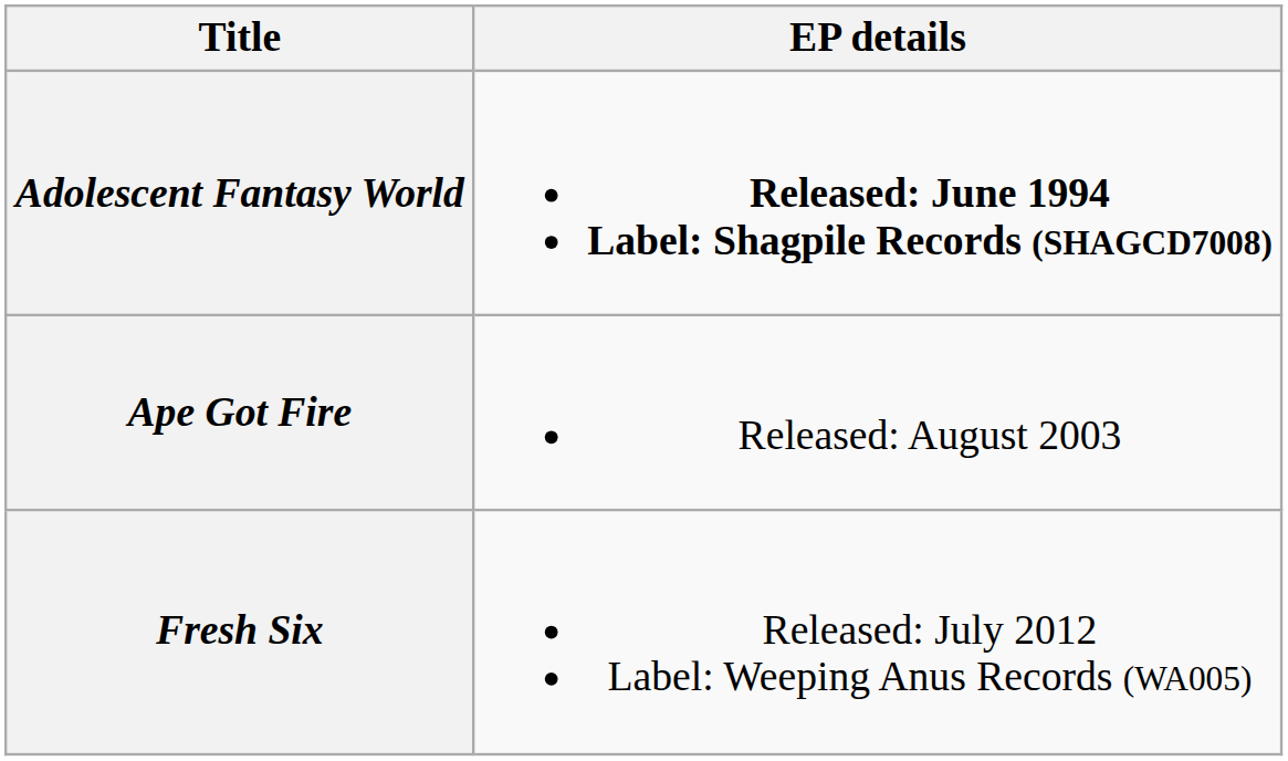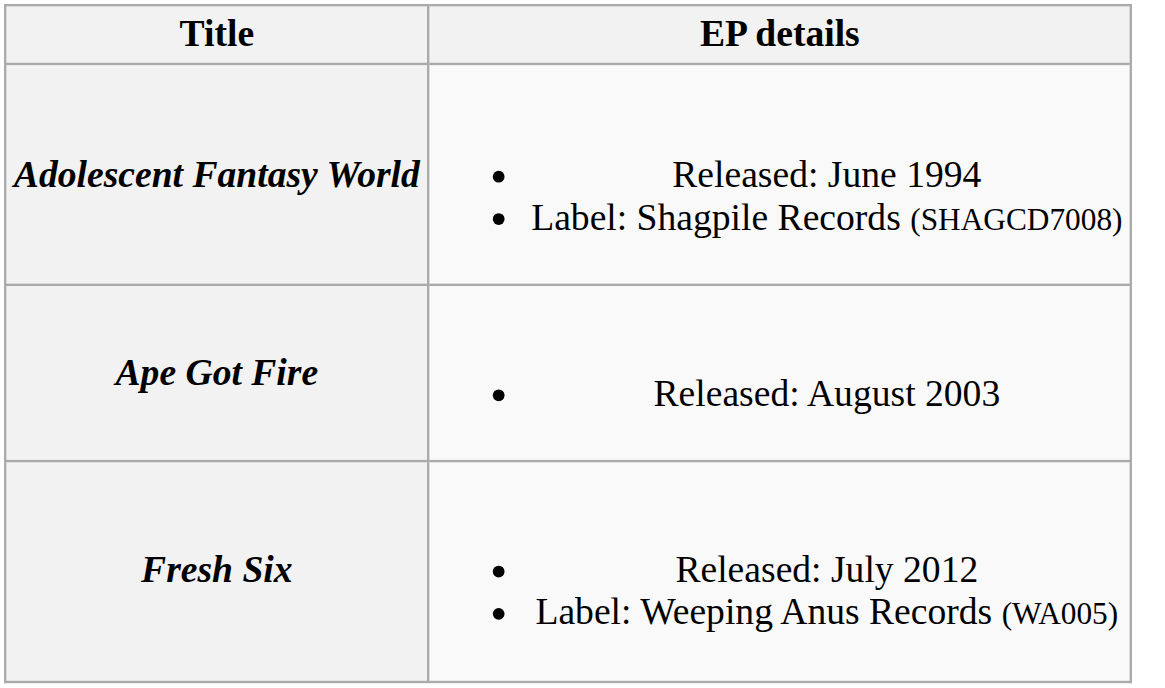 <table class="wikitable plainrowheaders" style="text-align:center;" border="1">
 <tr>
 <th scope="col">Title</th>
 <th scope="col">EP details</th>
 </tr>
 <tr>
 <th scope="row"><em>Adolescent Fantasy World</em></th>
-<td><strong><br><ul><li>Released: June 1994</li><li>Label: Shagpile Records <small>(SHAGCD7008)</small></li></ul></strong></td>
+<td><br><ul><li>Released: June 1994</li><li>Label: Shagpile Records <small>(SHAGCD7008)</small></li></ul></td>
 </tr>
 <tr>
 <th scope="row"><em>Ape Got Fire</em></th>
 <td><br><ul><li>Released: August 2003</li></ul></td>
 </tr>
 <tr>
 <th scope="row"><em>Fresh Six</em></th>
 <td><br><ul><li>Released: July 2012</li><li>Label: Weeping Anus Records <small>(WA005)</small></li></ul></td>
 </tr>
 </table>
